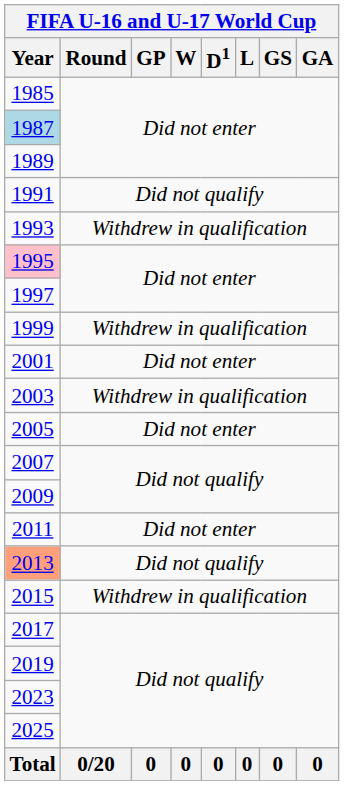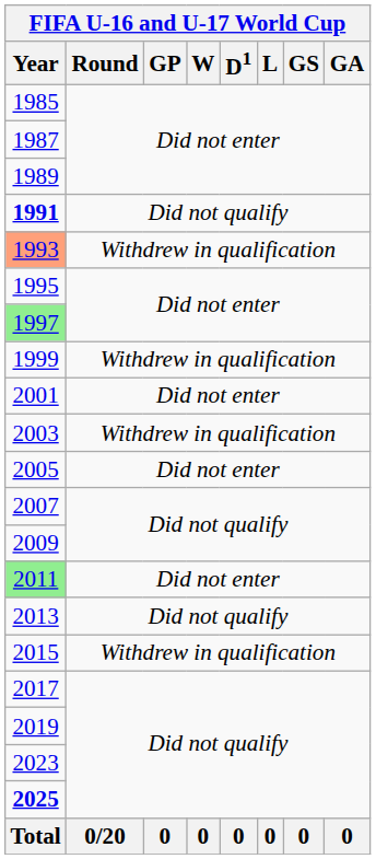 <table class="wikitable" style="text-align: center;">
 <tr>
 <th colspan=8><a href='#'>FIFA U-16 and U-17 World Cup</a></th>
 </tr>
 <tr>
 <th>Year</th>
 <th>Round</th>
 <th>GP</th>
 <th>W</th>
 <th>D<sup>1</sup></th>
 <th>L</th>
 <th>GS</th>
 <th>GA</th>
 </tr>
 <tr>
 <td> <a href='#'>1985</a></td>
 <td colspan=8 rowspan=3><em>Did not enter</em></td>
 </tr>
 <tr>
-<td style="background: lightblue;"> <a href='#'>1987</a></td>
+<td> <a href='#'>1987</a></td>
 </tr>
 <tr>
 <td> <a href='#'>1989</a></td>
 </tr>
 <tr>
-<td> <a href='#'>1991</a></td>
+<td><strong> <a href='#'>1991</a></strong></td>
 <td colspan=8 rowspan=1><em>Did not qualify</em></td>
 </tr>
 <tr>
-<td> <a href='#'>1993</a></td>
+<td style="background: lightsalmon;"> <a href='#'>1993</a></td>
 <td colspan=8 rowspan=1><em>Withdrew in qualification</em></td>
 </tr>
 <tr>
-<td style="background: pink;"> <a href='#'>1995</a></td>
+<td> <a href='#'>1995</a></td>
 <td colspan=8 rowspan=2><em>Did not enter</em></td>
 </tr>
 <tr>
-<td> <a href='#'>1997</a></td>
+<td style="background: lightgreen;"> <a href='#'>1997</a></td>
 </tr>
 <tr>
 <td> <a href='#'>1999</a></td>
 <td colspan=8 rowspan=1><em>Withdrew in qualification</em></td>
 </tr>
 <tr>
 <td> <a href='#'>2001</a></td>
 <td colspan=8 rowspan=1><em>Did not enter</em></td>
 </tr>
 <tr>
 <td> <a href='#'>2003</a></td>
 <td colspan=8 rowspan=1><em>Withdrew in qualification</em></td>
 </tr>
 <tr>
 <td> <a href='#'>2005</a></td>
 <td colspan=8 rowspan=1><em>Did not enter</em></td>
 </tr>
 <tr>
 <td> <a href='#'>2007</a></td>
 <td colspan=8 rowspan=2><em>Did not qualify</em></td>
 </tr>
 <tr>
 <td> <a href='#'>2009</a></td>
 </tr>
 <tr>
-<td> <a href='#'>2011</a></td>
+<td style="background: lightgreen;"> <a href='#'>2011</a></td>
 <td colspan=8 rowspan=1><em>Did not enter</em></td>
 </tr>
 <tr>
-<td style="background: lightsalmon;"> <a href='#'>2013</a></td>
+<td> <a href='#'>2013</a></td>
 <td colspan=8 rowspan=1><em>Did not qualify</em></td>
 </tr>
 <tr>
 <td> <a href='#'>2015</a></td>
 <td colspan=8 rowspan=1><em>Withdrew in qualification</em></td>
 </tr>
 <tr>
 <td> <a href='#'>2017</a></td>
 <td colspan=8 rowspan=4><em>Did not qualify</em></td>
 </tr>
 <tr>
 <td> <a href='#'>2019</a></td>
 </tr>
 <tr>
 <td> <a href='#'>2023</a></td>
 </tr>
 <tr>
-<td> <a href='#'>2025</a></td>
+<td><strong> <a href='#'>2025</a></strong></td>
 </tr>
 <tr>
 <th>Total</th>
 <th>0/20</th>
 <th>0</th>
 <th>0</th>
 <th>0</th>
 <th>0</th>
 <th>0</th>
 <th>0</th>
 </tr>
 </table>
